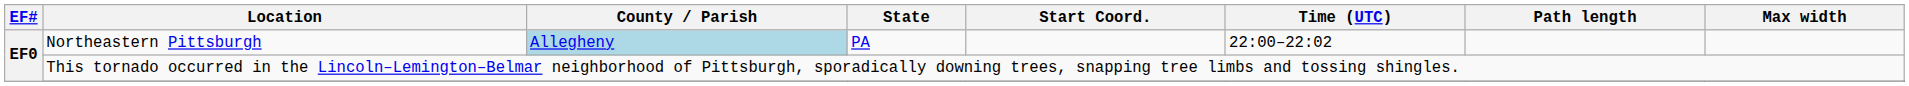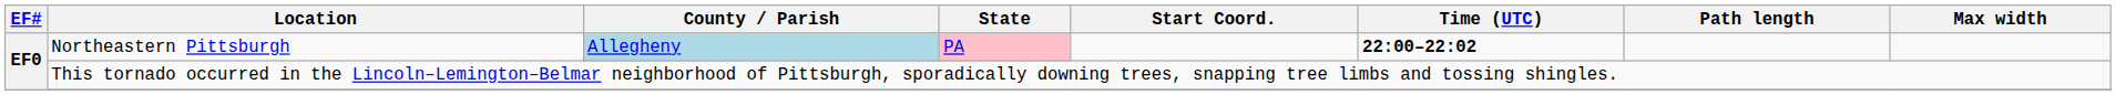 <table class="wikitable sortable" style="width:100%;">
 <tr>
 <th scope="col" width="2%" align="center"><a href='#'>EF#</a></th>
 <th scope="col" align="center" class="unsortable">Location</th>
 <th scope="col" align="center" class="unsortable">County / Parish</th>
 <th scope="col" align="center">State</th>
 <th scope="col" align="center">Start Coord.</th>
 <th scope="col" align="center">Time (<a href='#'>UTC</a>)</th>
 <th scope="col" align="center">Path length</th>
 <th scope="col" align="center">Max width</th>
 </tr>
 <tr>
 <th scope="row" rowspan="2" style="background-color:#">EF0</th>
 <td>Northeastern <a href='#'>Pittsburgh</a></td>
 <td style="background: lightblue;"><a href='#'>Allegheny</a></td>
-<td><a href='#'>PA</a></td>
+<td style="background: pink;"><a href='#'>PA</a></td>
 <td></td>
-<td>22:00–22:02</td>
+<td><strong>22:00–22:02</strong></td>
 <td></td>
 <td></td>
 </tr>
 <tr class="expand-child">
 <td colspan="8" style=" border-bottom: 1px solid black;">This tornado occurred in the <a href='#'>Lincoln–Lemington–Belmar</a> neighborhood of Pittsburgh, sporadically downing trees, snapping tree limbs and tossing shingles.</td>
 </tr>
 <tr>
 </tr>
 </table>
